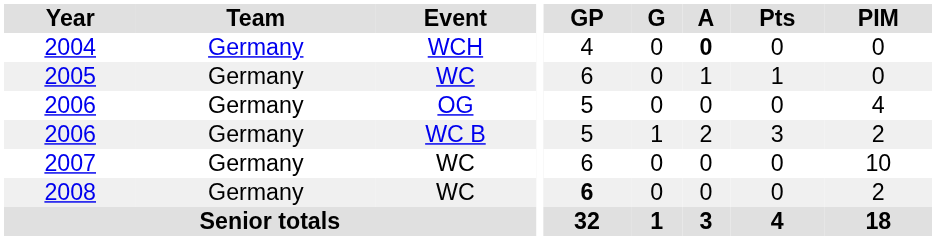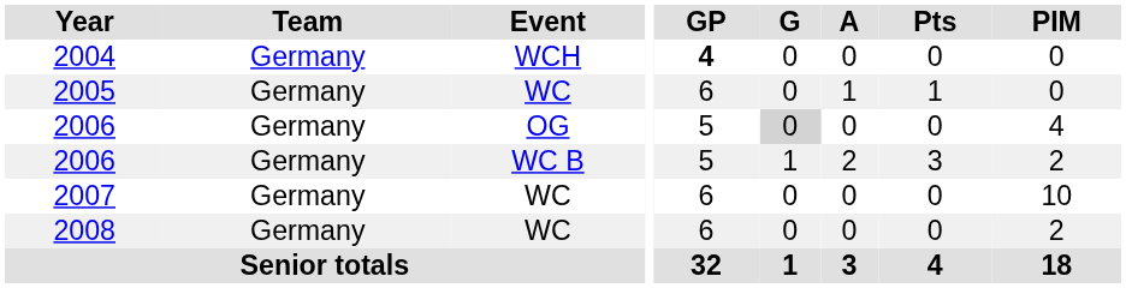 <table border="0" cellpadding="1" cellspacing="0" ID="Table3" style="text-align:center; width:40em">
 <tr ALIGN="center" bgcolor="#e0e0e0">
 <th>Year</th>
 <th>Team</th>
 <th>Event</th>
 <th rowspan="99" bgcolor="#ffffff"></th>
 <th>GP</th>
 <th>G</th>
 <th>A</th>
 <th>Pts</th>
 <th>PIM</th>
 </tr>
 <tr>
 <td><a href='#'>2004</a></td>
 <td><a href='#'>Germany</a></td>
 <td><a href='#'>WCH</a></td>
-<td>4</td>
+<td><strong>4</strong></td>
 <td>0</td>
-<td><strong>0</strong></td>
+<td>0</td>
 <td>0</td>
 <td>0</td>
 </tr>
 <tr bgcolor="#f0f0f0">
 <td><a href='#'>2005</a></td>
 <td>Germany</td>
 <td><a href='#'>WC</a></td>
 <td>6</td>
 <td>0</td>
 <td>1</td>
 <td>1</td>
 <td>0</td>
 </tr>
 <tr>
 <td><a href='#'>2006</a></td>
 <td>Germany</td>
 <td><a href='#'>OG</a></td>
 <td>5</td>
-<td>0</td>
+<td style="background: lightgrey;">0</td>
 <td>0</td>
 <td>0</td>
 <td>4</td>
 </tr>
 <tr bgcolor="#f0f0f0">
 <td><a href='#'>2006</a></td>
 <td>Germany</td>
 <td><a href='#'>WC B</a></td>
 <td>5</td>
 <td>1</td>
 <td>2</td>
 <td>3</td>
 <td>2</td>
 </tr>
 <tr>
 <td><a href='#'>2007</a></td>
 <td>Germany</td>
 <td>WC</td>
 <td>6</td>
 <td>0</td>
 <td>0</td>
 <td>0</td>
 <td>10</td>
 </tr>
 <tr bgcolor="#f0f0f0">
 <td><a href='#'>2008</a></td>
 <td>Germany</td>
 <td>WC</td>
-<td><strong>6</strong></td>
+<td>6</td>
 <td>0</td>
 <td>0</td>
 <td>0</td>
 <td>2</td>
 </tr>
 <tr bgcolor="#e0e0e0">
 <th colspan="3">Senior totals</th>
 <th>32</th>
 <th>1</th>
 <th>3</th>
 <th>4</th>
 <th>18</th>
 </tr>
 </table>
